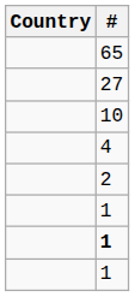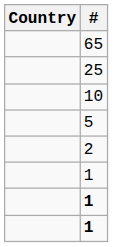 <table class="wikitable sortable">
 <tr>
 <th>Country</th>
 <th>#</th>
 </tr>
 <tr>
 <td></td>
 <td>65</td>
 </tr>
 <tr>
 <td></td>
-<td>27</td>
+<td>25</td>
 </tr>
 <tr>
 <td></td>
 <td>10</td>
 </tr>
 <tr>
 <td></td>
-<td>4</td>
+<td>5</td>
 </tr>
 <tr>
 <td></td>
 <td>2</td>
 </tr>
 <tr>
 <td></td>
 <td>1</td>
 </tr>
 <tr>
 <td></td>
 <td><strong>1</strong></td>
 </tr>
 <tr>
 <td></td>
-<td>1</td>
+<td><strong>1</strong></td>
 </tr>
 </table>
